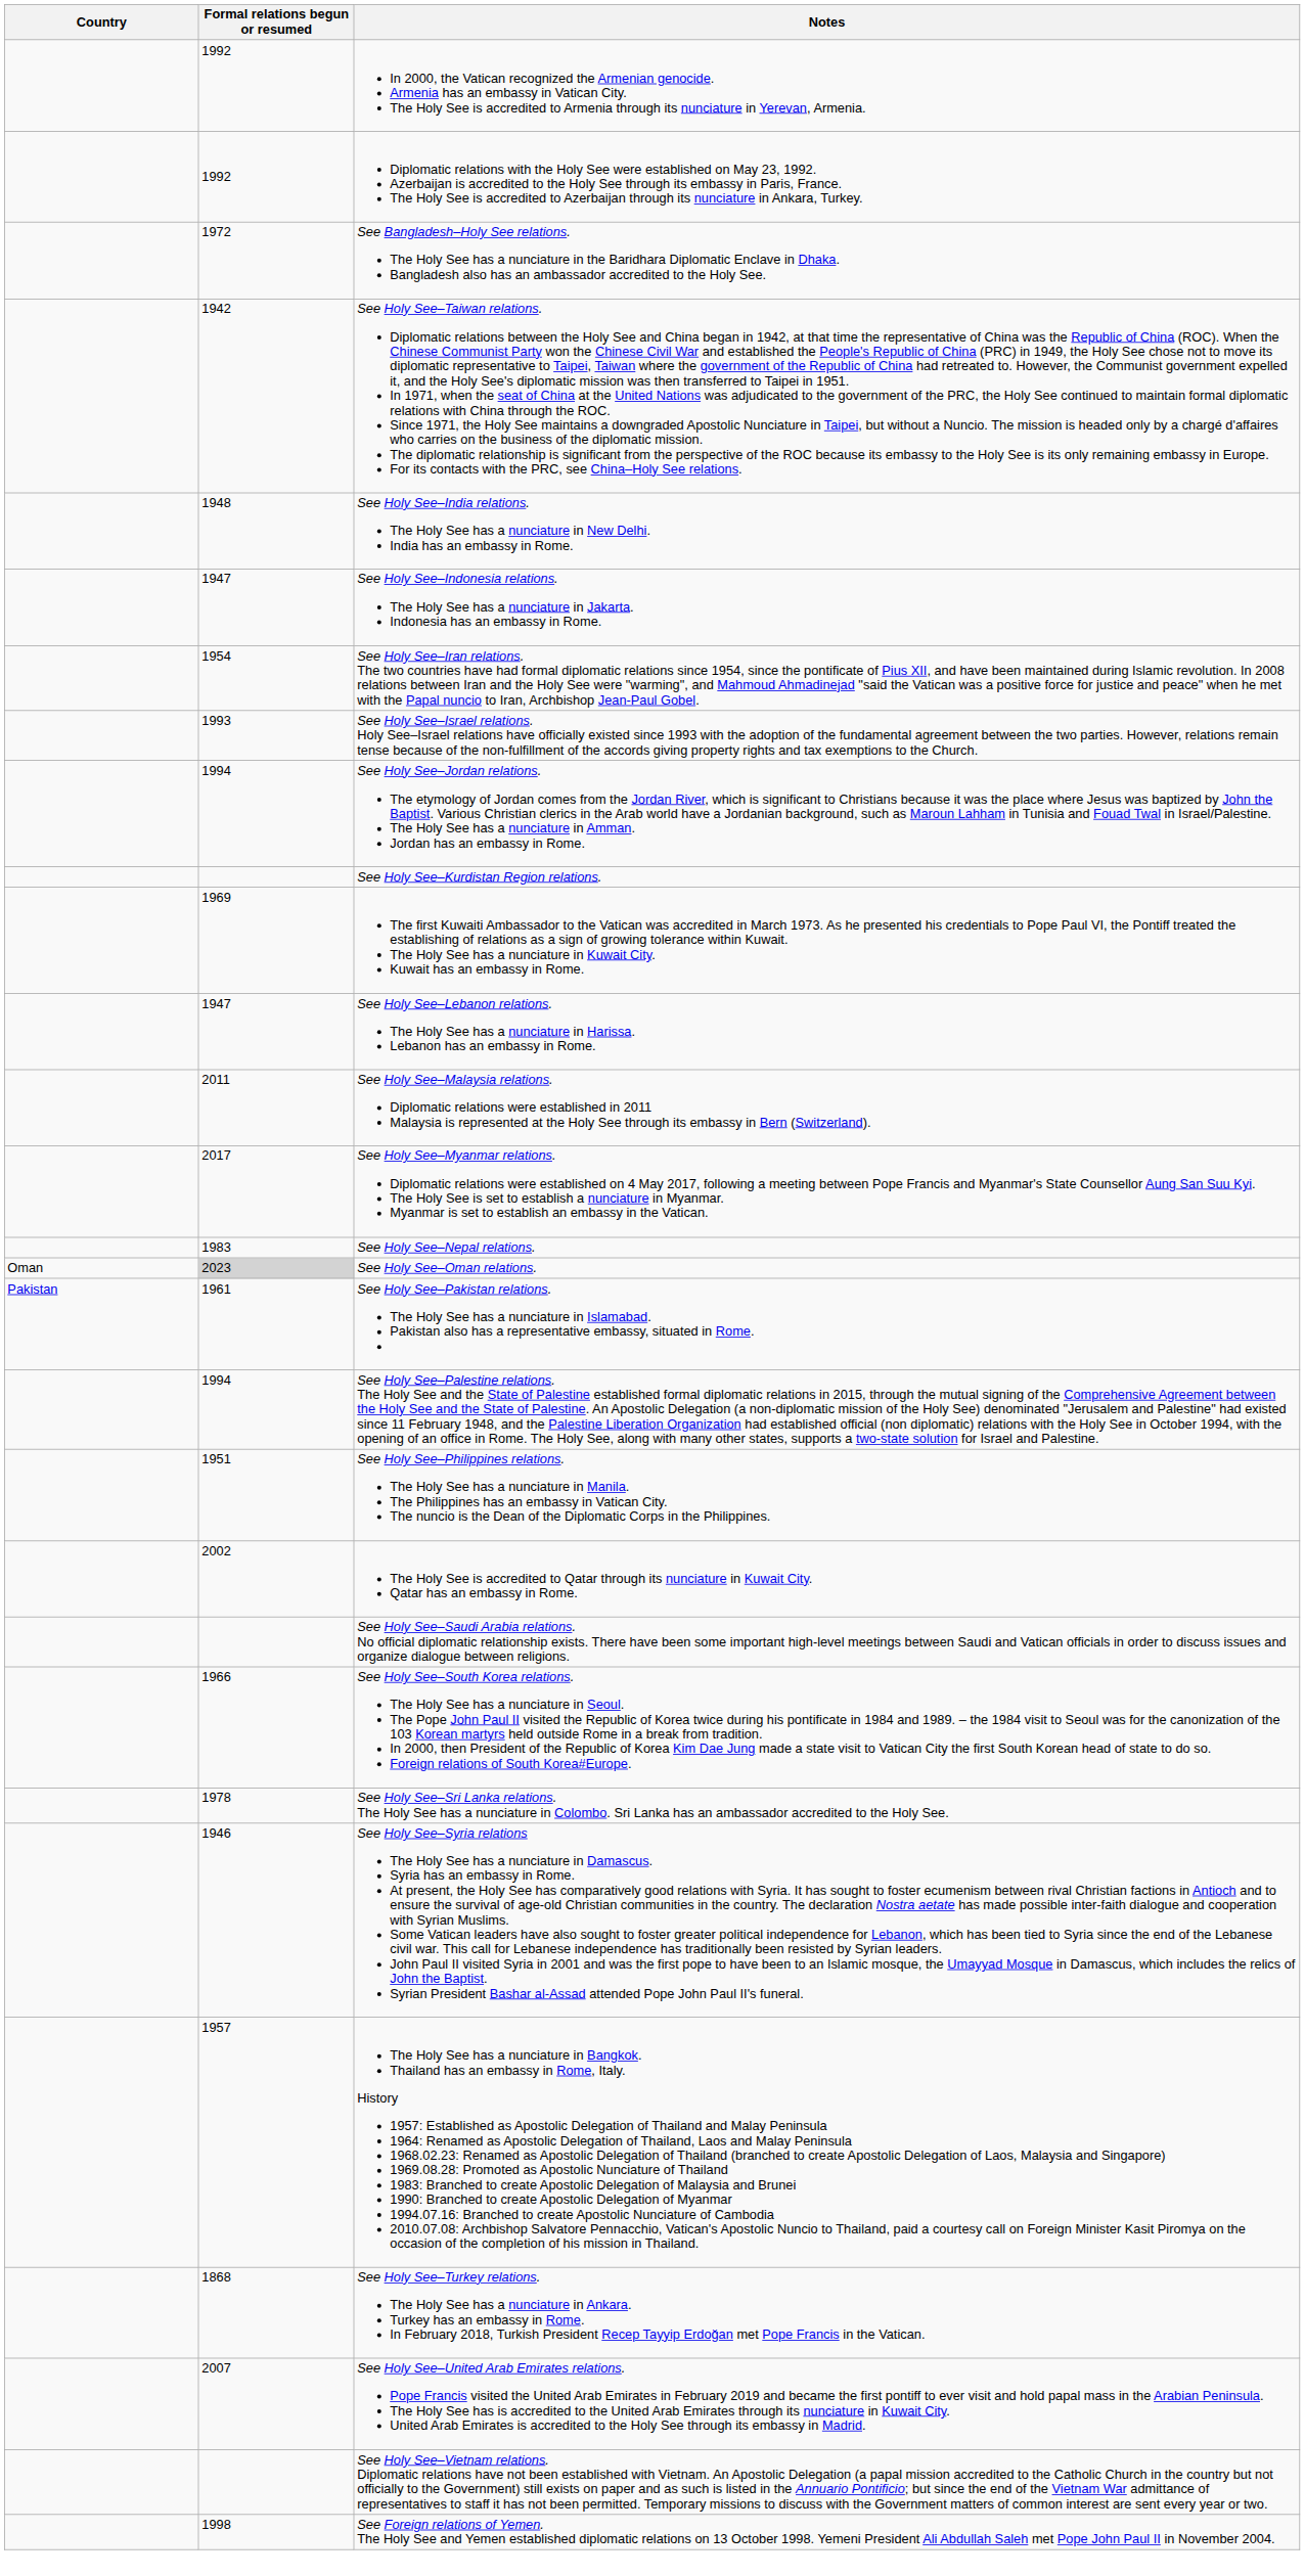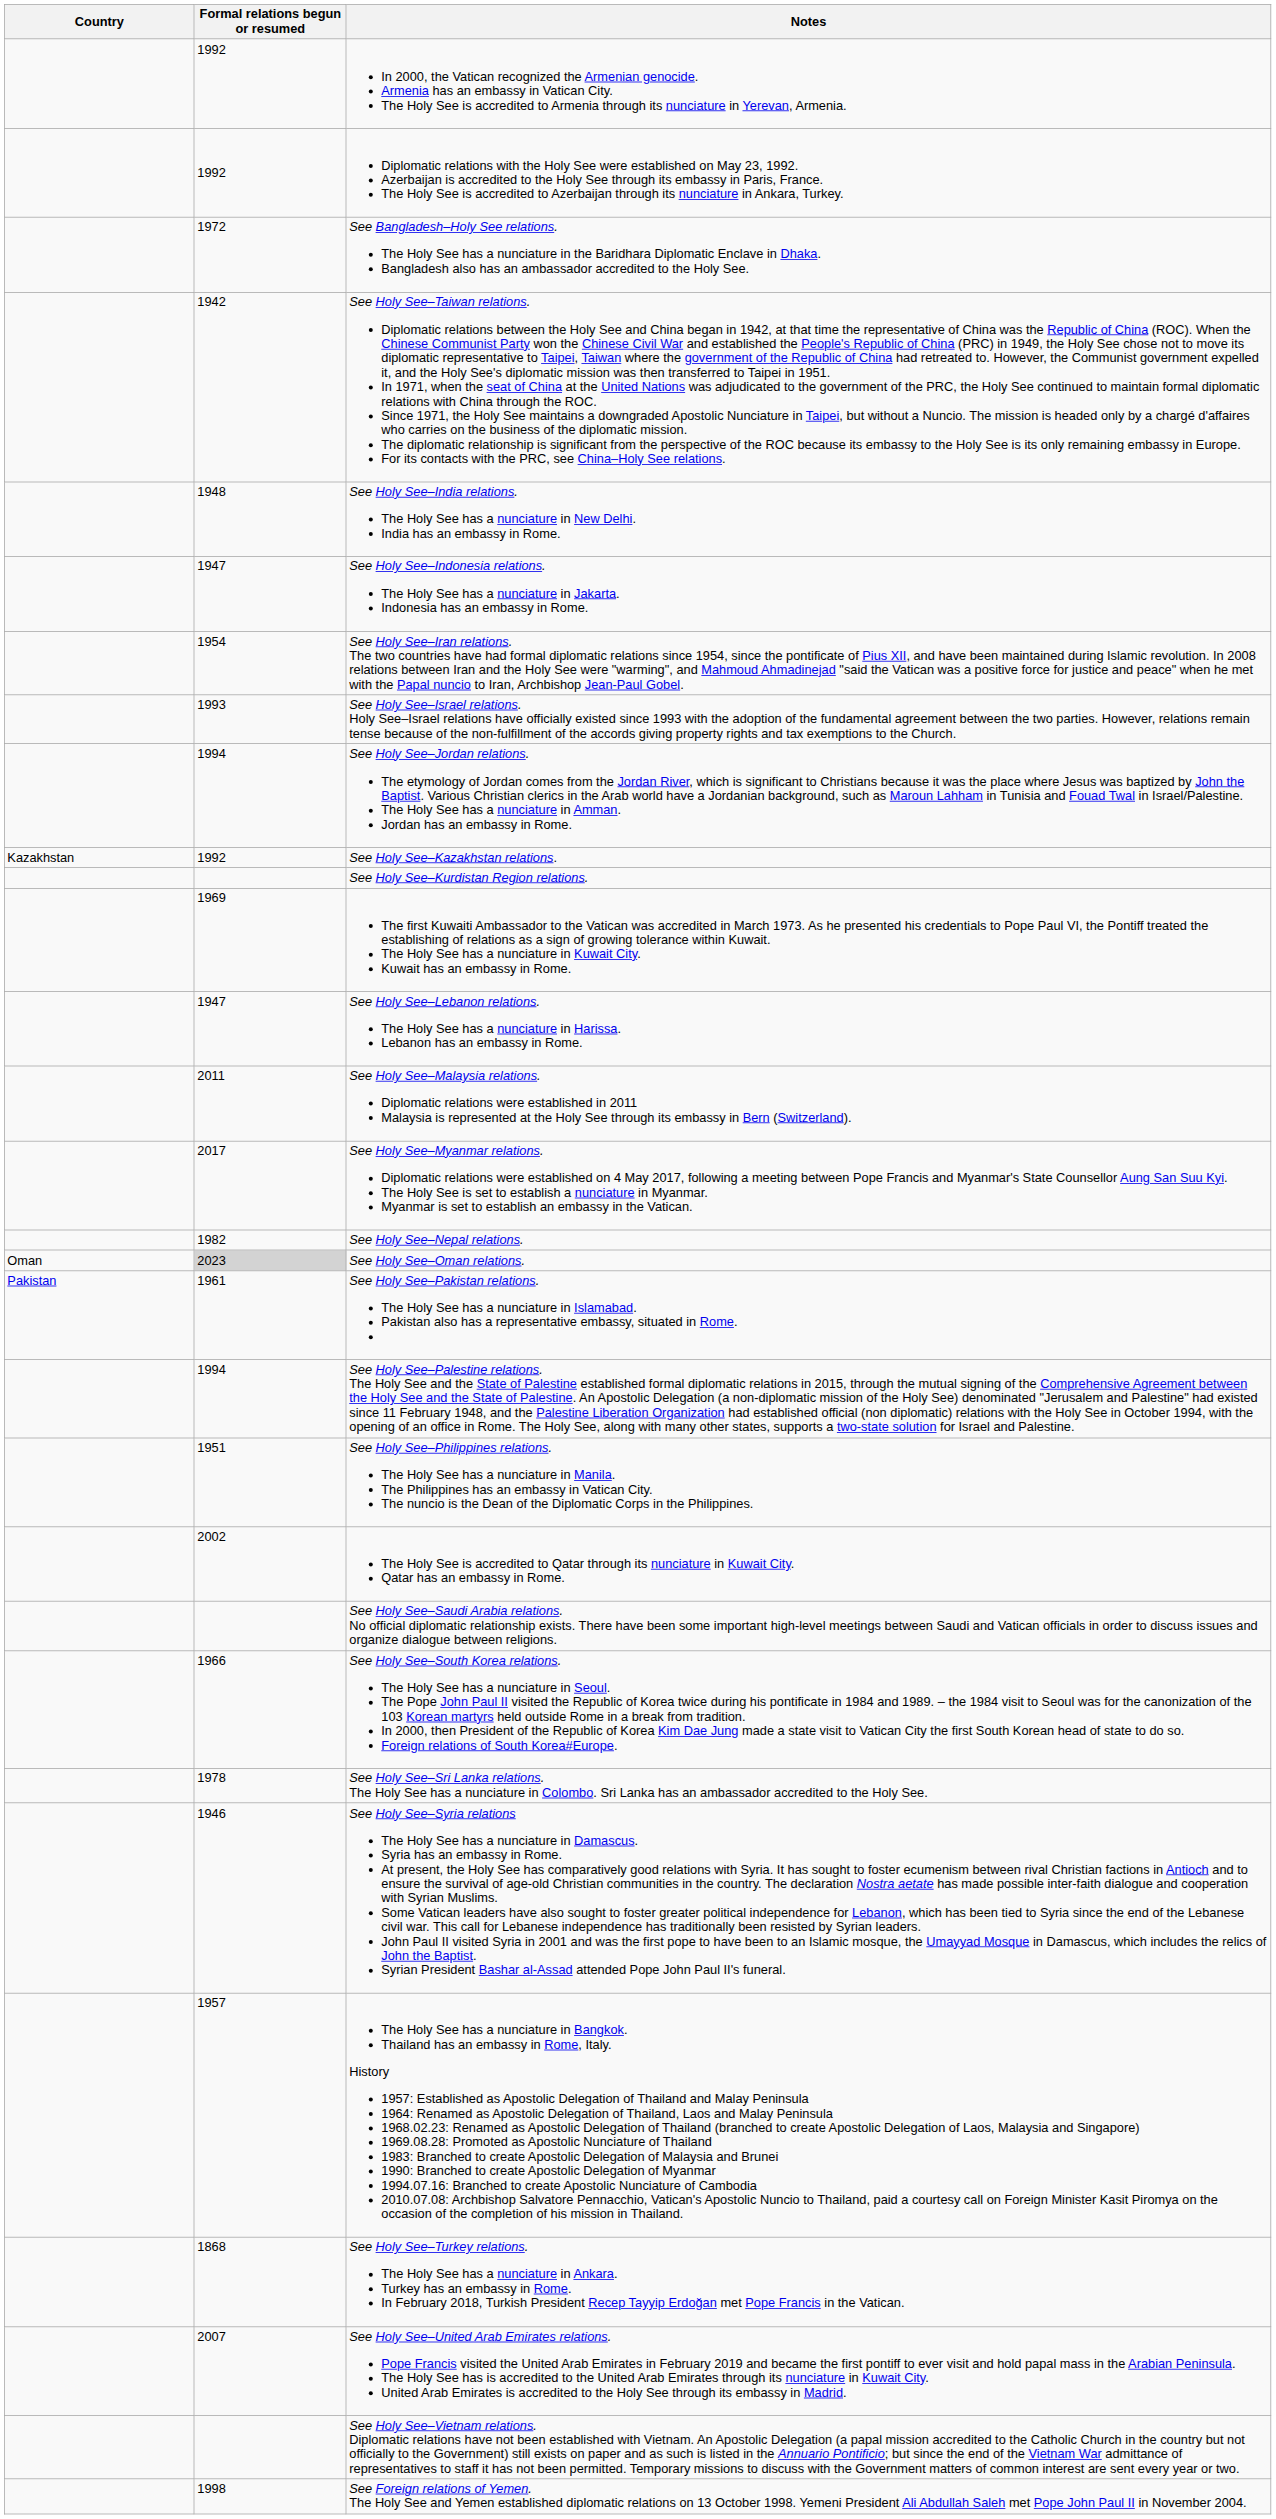 <table class="wikitable sortable" style="width:100%; margin:auto;">
 <tr>
 <th style="width:15%;">Country</th>
 <th style="width:12%;">Formal relations begun or resumed</th>
 <th>Notes</th>
 </tr>
 <tr valign="top">
 <td></td>
 <td>1992</td>
 <td><br><ul><li>In 2000, the Vatican recognized the <a href='#'>Armenian genocide</a>.</li><li><a href='#'>Armenia</a> has an embassy in Vatican City.</li><li>The Holy See is accredited to Armenia through its <a href='#'>nunciature</a> in <a href='#'>Yerevan</a>, Armenia.</li></ul></td>
 </tr>
 <tr>
 <td></td>
 <td>1992</td>
 <td><br><ul><li>Diplomatic relations with the Holy See were established on May 23, 1992.</li><li>Azerbaijan is accredited to the Holy See through its embassy in Paris, France.</li><li>The Holy See is accredited to Azerbaijan through its <a href='#'>nunciature</a> in Ankara, Turkey.</li></ul></td>
 </tr>
 <tr valign="top">
 <td></td>
 <td>1972</td>
 <td><em>See <a href='#'>Bangladesh–Holy See relations</a>.</em><br><ul><li>The Holy See has a nunciature in the Baridhara Diplomatic Enclave in <a href='#'>Dhaka</a>.</li><li>Bangladesh also has an ambassador accredited to the Holy See.</li></ul></td>
 </tr>
 <tr valign="top">
 <td></td>
 <td>1942</td>
 <td><em>See <a href='#'>Holy See–Taiwan relations</a>.</em><br><ul><li>Diplomatic relations between the Holy See and China began in 1942, at that time the representative of China was the <a href='#'>Republic of China</a> (ROC). When the <a href='#'>Chinese Communist Party</a> won the <a href='#'>Chinese Civil War</a> and established the <a href='#'>People's Republic of China</a> (PRC) in 1949, the Holy See chose not to move its diplomatic representative to <a href='#'>Taipei</a>, <a href='#'>Taiwan</a> where the <a href='#'>government of the Republic of China</a> had retreated to. However, the Communist government expelled it, and the Holy See's diplomatic mission was then transferred to Taipei in 1951.</li><li>In 1971, when the <a href='#'>seat of China</a> at the <a href='#'>United Nations</a> was adjudicated to the government of the PRC, the Holy See continued to maintain formal diplomatic relations with China through the ROC.</li><li>Since 1971, the Holy See maintains a downgraded Apostolic Nunciature in <a href='#'>Taipei</a>, but without a Nuncio. The mission is headed only by a chargé d'affaires who carries on the business of the diplomatic mission.</li><li>The diplomatic relationship is significant from the perspective of the ROC because its embassy to the Holy See is its only remaining embassy in Europe.</li><li>For its contacts with the PRC, see <a href='#'>China–Holy See relations</a>.</li></ul></td>
 </tr>
 <tr valign="top">
 <td></td>
 <td>1948</td>
 <td><em>See <a href='#'>Holy See–India relations</a>.</em><br><ul><li>The Holy See has a <a href='#'>nunciature</a> in <a href='#'>New Delhi</a>.</li><li>India has an embassy in Rome.</li></ul></td>
 </tr>
 <tr valign="top">
 <td></td>
 <td>1947</td>
 <td><em>See <a href='#'>Holy See–Indonesia relations</a>.</em><br><ul><li>The Holy See has a <a href='#'>nunciature</a> in <a href='#'>Jakarta</a>.</li><li>Indonesia has an embassy in Rome.</li></ul></td>
 </tr>
 <tr valign="top">
 <td></td>
 <td>1954</td>
 <td><em>See <a href='#'>Holy See–Iran relations</a>.</em><br>The two countries have had formal diplomatic relations since 1954, since the pontificate of <a href='#'>Pius XII</a>, and have been maintained during Islamic revolution.  In 2008 relations between Iran and the Holy See were "warming", and <a href='#'>Mahmoud Ahmadinejad</a> "said the Vatican was a positive force for justice and peace" when he met with the <a href='#'>Papal nuncio</a> to Iran, Archbishop <a href='#'>Jean-Paul Gobel</a>.</td>
 </tr>
 <tr valign="top">
 <td></td>
 <td>1993</td>
 <td><em>See <a href='#'>Holy See–Israel relations</a>.</em><br>Holy See–Israel relations have officially existed since 1993 with the adoption of the fundamental agreement between the two parties. However, relations remain tense because of the non-fulfillment of the accords giving property rights and tax exemptions to the Church.</td>
 </tr>
 <tr valign="top">
 <td></td>
 <td>1994</td>
 <td><em>See <a href='#'>Holy See–Jordan relations</a>.</em><br><ul><li>The etymology of Jordan comes from the <a href='#'>Jordan River</a>, which is significant to Christians because it was the place where Jesus was baptized by <a href='#'>John the Baptist</a>. Various Christian clerics in the Arab world have a Jordanian background, such as <a href='#'>Maroun Lahham</a> in Tunisia and <a href='#'>Fouad Twal</a> in Israel/Palestine.</li><li>The Holy See has a <a href='#'>nunciature</a> in <a href='#'>Amman</a>.</li><li>Jordan has an embassy in Rome.</li></ul></td>
 </tr>
+<tr>
+<td>Kazakhstan</td>
+<td>1992</td>
+<td><em>See <a href='#'>Holy See–Kazakhstan relations</a></em>.</td>
+</tr>
 <tr valign="top">
 <td></td>
 <td></td>
 <td><em>See <a href='#'>Holy See–Kurdistan Region relations</a>.</em></td>
 </tr>
 <tr valign="top">
 <td></td>
 <td>1969</td>
 <td><br><ul><li>The first Kuwaiti Ambassador to the Vatican was accredited in March 1973. As he presented his credentials to Pope Paul VI, the Pontiff treated the establishing of relations as a sign of growing tolerance within Kuwait.</li><li>The Holy See has a nunciature in <a href='#'>Kuwait City</a>.</li><li>Kuwait has an embassy in Rome.</li></ul></td>
 </tr>
 <tr valign="top">
 <td></td>
 <td>1947</td>
 <td><em>See <a href='#'>Holy See–Lebanon relations</a>.</em><br><ul><li>The Holy See has a <a href='#'>nunciature</a> in <a href='#'>Harissa</a>.</li><li>Lebanon has an embassy in Rome.</li></ul></td>
 </tr>
 <tr valign="top">
 <td></td>
 <td>2011</td>
 <td><em>See <a href='#'>Holy See–Malaysia relations</a>.</em><br><ul><li>Diplomatic relations were established in 2011</li><li>Malaysia is represented at the Holy See through its embassy in <a href='#'>Bern</a> (<a href='#'>Switzerland</a>).</li></ul></td>
 </tr>
 <tr valign="top">
 <td></td>
 <td>2017</td>
 <td><em>See <a href='#'>Holy See–Myanmar relations</a>.</em><br><ul><li>Diplomatic relations were established on 4 May 2017, following a meeting between Pope Francis and Myanmar's State Counsellor <a href='#'>Aung San Suu Kyi</a>.</li><li>The Holy See is set to establish a <a href='#'>nunciature</a> in Myanmar.</li><li>Myanmar is set to establish an embassy in the Vatican.</li></ul></td>
 </tr>
 <tr valign="top">
 <td></td>
-<td>1983</td>
+<td>1982</td>
 <td><em>See <a href='#'>Holy See–Nepal relations</a>.</em></td>
 </tr>
 <tr>
 <td>Oman</td>
 <td style="background: lightgrey;">2023</td>
 <td><em>See <a href='#'>Holy See–Oman relations</a>.</em></td>
 </tr>
 <tr valign="top">
 <td><a href='#'>Pakistan</a></td>
 <td>1961</td>
 <td><em>See <a href='#'>Holy See–Pakistan relations</a>.</em><br><ul><li>The Holy See has a nunciature in <a href='#'>Islamabad</a>.</li><li>Pakistan also has a representative embassy, situated in <a href='#'>Rome</a>.</li><li></li></ul></td>
 </tr>
 <tr valign="top">
 <td></td>
 <td>1994</td>
 <td><em>See <a href='#'>Holy See–Palestine relations</a>.</em><br>The Holy See and the <a href='#'>State of Palestine</a> established formal diplomatic relations in 2015, through the mutual signing of the <a href='#'>Comprehensive Agreement between the Holy See and the State of Palestine</a>. An Apostolic Delegation (a non-diplomatic mission of the Holy See) denominated "Jerusalem and Palestine" had existed since 11 February 1948, and the <a href='#'>Palestine Liberation Organization</a> had established official (non diplomatic) relations with the Holy See in October 1994, with the opening of an office in Rome. The Holy See, along with many other states, supports a <a href='#'>two-state solution</a> for Israel and Palestine.</td>
 </tr>
 <tr valign="top">
 <td></td>
 <td>1951</td>
 <td><em>See <a href='#'>Holy See–Philippines relations</a>.</em><br><ul><li>The Holy See has a nunciature in <a href='#'>Manila</a>.</li><li>The Philippines has an embassy in Vatican City.</li><li>The nuncio is the Dean of the Diplomatic Corps in the Philippines.</li></ul></td>
 </tr>
 <tr valign="top">
 <td></td>
 <td>2002</td>
 <td><br><ul><li>The Holy See is accredited to Qatar through its <a href='#'>nunciature</a> in <a href='#'>Kuwait City</a>.</li><li>Qatar has an embassy in Rome.</li></ul></td>
 </tr>
 <tr valign="top">
 <td></td>
 <td></td>
 <td><em>See <a href='#'>Holy See–Saudi Arabia relations</a>.</em><br>No official diplomatic relationship exists. There have been some important high-level meetings between Saudi and Vatican officials in order to discuss issues and organize dialogue between religions.</td>
 </tr>
 <tr valign="top">
 <td></td>
 <td>1966</td>
 <td><em>See <a href='#'>Holy See–South Korea relations</a>.</em><br><ul><li>The Holy See has a nunciature in <a href='#'>Seoul</a>.</li><li>The Pope <a href='#'>John Paul II</a> visited the Republic of Korea twice during his pontificate in 1984 and 1989. – the 1984 visit to Seoul was for the canonization of the 103 <a href='#'>Korean martyrs</a> held outside Rome in a break from tradition.</li><li>In 2000, then President of the Republic of Korea <a href='#'>Kim Dae Jung</a> made a state visit to Vatican City the first South Korean head of state to do so.</li><li><a href='#'>Foreign relations of South Korea#Europe</a>.</li></ul></td>
 </tr>
 <tr valign="top">
 <td></td>
 <td>1978</td>
 <td><em>See <a href='#'>Holy See–Sri Lanka relations</a>.</em><br>The Holy See has a nunciature in <a href='#'>Colombo</a>. Sri Lanka has an ambassador accredited to the Holy See.</td>
 </tr>
 <tr valign="top">
 <td></td>
 <td>1946</td>
 <td><em>See <a href='#'>Holy See–Syria relations</a></em><br><ul><li>The Holy See has a nunciature in <a href='#'>Damascus</a>.</li><li>Syria has an embassy in Rome.</li><li>At present, the Holy See has comparatively good relations with Syria. It has sought to foster ecumenism between rival Christian factions in <a href='#'>Antioch</a> and to ensure the survival of age-old Christian communities in the country. The declaration <em><a href='#'>Nostra aetate</a></em> has made possible inter-faith dialogue and cooperation with Syrian Muslims.</li><li>Some Vatican leaders have also sought to foster greater political independence for <a href='#'>Lebanon</a>, which has been tied to Syria since the end of the Lebanese civil war. This call for Lebanese independence has traditionally been resisted by Syrian leaders.</li><li>John Paul II visited Syria in 2001 and was the first pope to have been to an Islamic mosque, the <a href='#'>Umayyad Mosque</a> in Damascus, which includes the relics of <a href='#'>John the Baptist</a>.</li><li>Syrian President <a href='#'>Bashar al-Assad</a> attended Pope John Paul II's funeral.</li></ul></td>
 </tr>
 <tr valign="top">
 <td></td>
 <td> 1957</td>
 <td><br><ul><li>The Holy See has a nunciature in <a href='#'>Bangkok</a>.</li><li>Thailand has an embassy in <a href='#'>Rome</a>, Italy.</li></ul>History<ul><li>1957: Established as Apostolic Delegation of Thailand and Malay Peninsula</li><li>1964: Renamed as Apostolic Delegation of Thailand, Laos and Malay Peninsula</li><li>1968.02.23: Renamed as Apostolic Delegation of Thailand (branched to create Apostolic Delegation of Laos, Malaysia and Singapore)</li><li>1969.08.28: Promoted as Apostolic Nunciature of Thailand</li><li>1983: Branched to create Apostolic Delegation of Malaysia and Brunei</li><li>1990: Branched to create Apostolic Delegation of Myanmar</li><li>1994.07.16: Branched to create Apostolic Nunciature of Cambodia</li><li>2010.07.08: Archbishop Salvatore Pennacchio, Vatican's Apostolic Nuncio to Thailand, paid a courtesy call on Foreign Minister Kasit Piromya on the occasion of the completion of his mission in Thailand.</li></ul></td>
 </tr>
 <tr valign="top">
 <td></td>
 <td>1868</td>
 <td><em>See <a href='#'>Holy See–Turkey relations</a>.</em><br><ul><li>The Holy See has a <a href='#'>nunciature</a> in <a href='#'>Ankara</a>.</li><li>Turkey has an embassy in <a href='#'>Rome</a>.</li><li>In February 2018, Turkish President <a href='#'>Recep Tayyip Erdoğan</a> met <a href='#'>Pope Francis</a> in the Vatican.</li></ul></td>
 </tr>
 <tr valign="top">
 <td></td>
 <td>2007</td>
 <td><em>See <a href='#'>Holy See–United Arab Emirates relations</a>.</em><br><ul><li><a href='#'>Pope Francis</a> visited the United Arab Emirates in February 2019 and became the first pontiff to ever visit and hold papal mass in the <a href='#'>Arabian Peninsula</a>.</li><li>The Holy See has is accredited to the United Arab Emirates through its <a href='#'>nunciature</a> in <a href='#'>Kuwait City</a>.</li><li>United Arab Emirates is accredited to the Holy See through its embassy in <a href='#'>Madrid</a>.</li></ul></td>
 </tr>
 <tr valign="top">
 <td></td>
 <td></td>
 <td><em>See <a href='#'>Holy See–Vietnam relations</a>.</em><br>Diplomatic relations have not been established with Vietnam. An Apostolic Delegation (a papal mission accredited to the Catholic Church in the country but not officially to the Government) still exists on paper and as such is listed in the <em><a href='#'>Annuario Pontificio</a></em>; but since the end of the <a href='#'>Vietnam War</a> admittance of representatives to staff it has not been permitted. Temporary missions to discuss with the Government matters of common interest are sent every year or two.</td>
 </tr>
 <tr valign="top">
 <td></td>
 <td>1998</td>
 <td><em>See <a href='#'>Foreign relations of Yemen</a>.</em><br>The Holy See and Yemen established diplomatic relations on 13 October 1998. Yemeni President <a href='#'>Ali Abdullah Saleh</a> met <a href='#'>Pope John Paul II</a> in November 2004.</td>
 </tr>
 </table>
